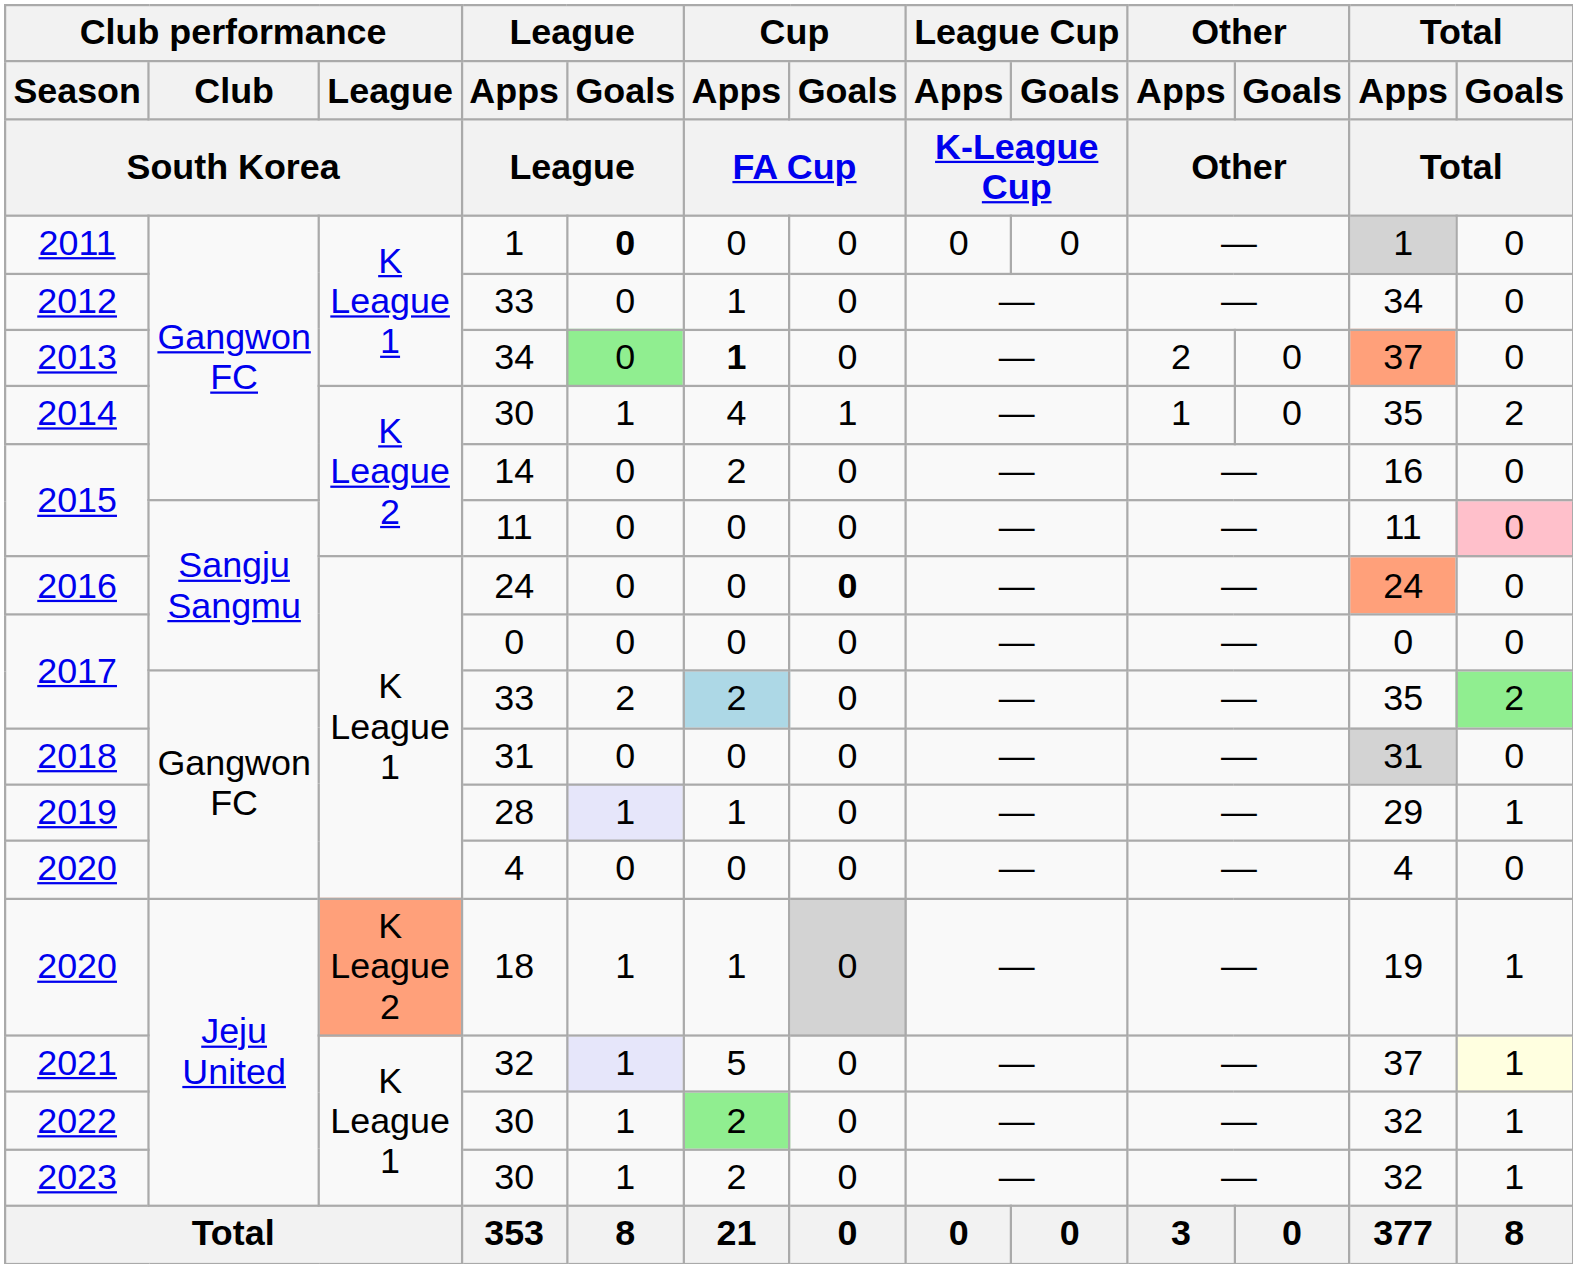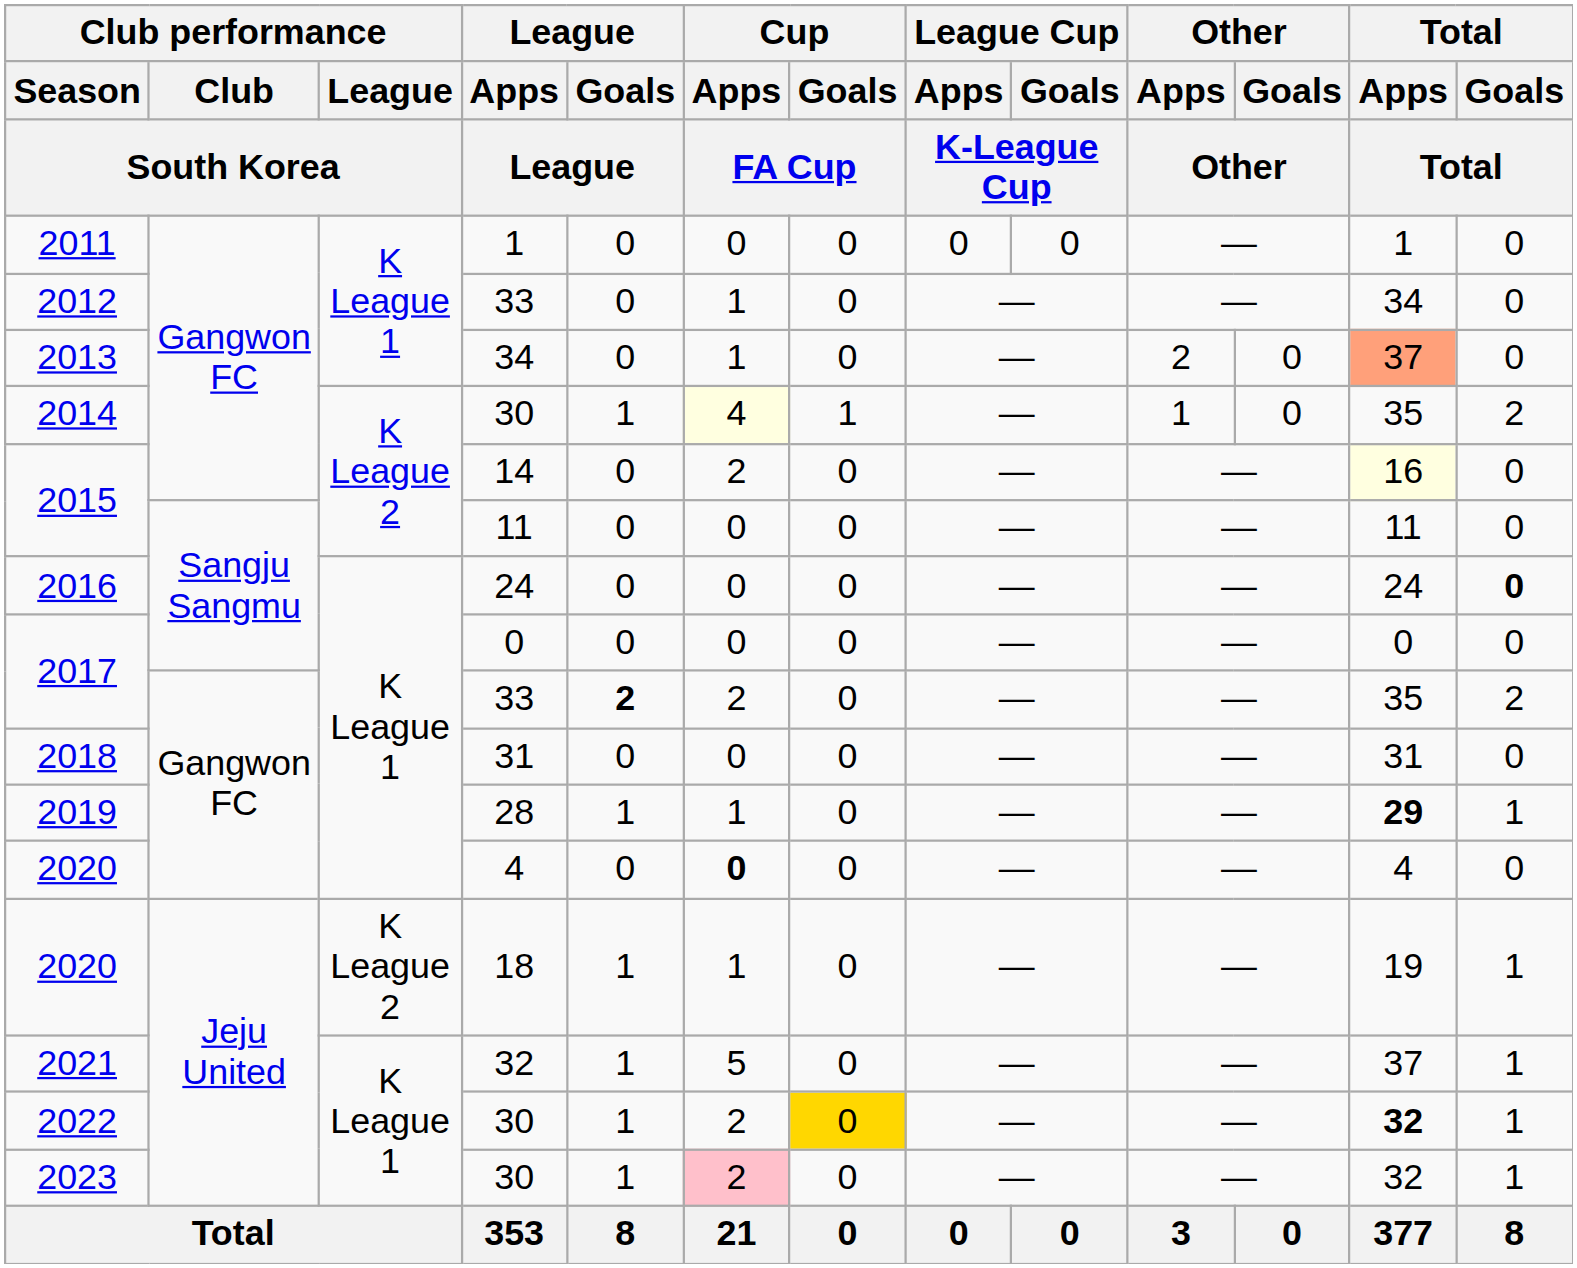 <table class="wikitable" style="text-align:center;">
 <tr>
 <th colspan=3>Club performance</th>
 <th colspan=2>League</th>
 <th colspan=2>Cup</th>
 <th colspan=2>League Cup</th>
 <th colspan=2>Other</th>
 <th colspan=2>Total</th>
 </tr>
 <tr>
 <th>Season</th>
 <th>Club</th>
 <th>League</th>
 <th>Apps</th>
 <th>Goals</th>
 <th>Apps</th>
 <th>Goals</th>
 <th>Apps</th>
 <th>Goals</th>
 <th>Apps</th>
 <th>Goals</th>
 <th>Apps</th>
 <th>Goals</th>
 </tr>
 <tr>
 <th colspan=3>South Korea</th>
 <th colspan=2>League</th>
 <th colspan=2><a href='#'>FA Cup</a></th>
 <th colspan=2><a href='#'>K-League Cup</a></th>
 <th colspan=2>Other</th>
 <th colspan=2>Total</th>
 </tr>
 <tr>
 <td><a href='#'>2011</a></td>
 <td rowspan="5"><a href='#'>Gangwon FC</a></td>
 <td rowspan="3"><a href='#'>K League 1</a></td>
 <td>1</td>
-<td><strong>0</strong></td>
+<td>0</td>
 <td>0</td>
 <td>0</td>
 <td>0</td>
 <td>0</td>
 <td colspan=2>—</td>
-<td style="background: lightgrey;">1</td>
+<td>1</td>
 <td>0</td>
 </tr>
 <tr>
 <td><a href='#'>2012</a></td>
 <td>33</td>
 <td>0</td>
 <td>1</td>
 <td>0</td>
 <td colspan=2>—</td>
 <td colspan=2>—</td>
 <td>34</td>
 <td>0</td>
 </tr>
 <tr>
 <td><a href='#'>2013</a></td>
 <td>34</td>
-<td style="background: lightgreen;">0</td>
-<td><strong>1</strong></td>
+<td>0</td>
+<td>1</td>
 <td>0</td>
 <td colspan=2>—</td>
 <td>2</td>
 <td>0</td>
 <td style="background: lightsalmon;">37</td>
 <td>0</td>
 </tr>
 <tr>
 <td><a href='#'>2014</a></td>
 <td rowspan="3"><a href='#'>K League 2</a></td>
 <td>30</td>
 <td>1</td>
-<td>4</td>
+<td style="background: lightyellow;">4</td>
 <td>1</td>
 <td colspan=2>—</td>
 <td>1</td>
 <td>0</td>
 <td>35</td>
 <td>2</td>
 </tr>
 <tr>
 <td rowspan="2"><a href='#'>2015</a></td>
 <td>14</td>
 <td>0</td>
 <td>2</td>
 <td>0</td>
 <td colspan=2>—</td>
 <td colspan=2>—</td>
-<td>16</td>
+<td style="background: lightyellow;">16</td>
 <td>0</td>
 </tr>
 <tr>
 <td rowspan="3"><a href='#'>Sangju Sangmu</a></td>
 <td>11</td>
 <td>0</td>
 <td>0</td>
 <td>0</td>
 <td colspan=2>—</td>
 <td colspan=2>—</td>
 <td>11</td>
-<td style="background: pink;">0</td>
+<td>0</td>
 </tr>
 <tr>
 <td><a href='#'>2016</a></td>
 <td rowspan="6">K League 1</td>
 <td>24</td>
 <td>0</td>
 <td>0</td>
-<td><strong>0</strong></td>
+<td>0</td>
 <td colspan=2>—</td>
 <td colspan=2>—</td>
-<td style="background: lightsalmon;">24</td>
-<td>0</td>
+<td>24</td>
+<td><strong>0</strong></td>
 </tr>
 <tr>
 <td rowspan="2"><a href='#'>2017</a></td>
 <td>0</td>
 <td>0</td>
 <td>0</td>
 <td>0</td>
 <td colspan=2>—</td>
 <td colspan=2>—</td>
 <td>0</td>
 <td>0</td>
 </tr>
 <tr>
 <td rowspan="4">Gangwon FC</td>
 <td>33</td>
+<td><strong>2</strong></td>
 <td>2</td>
-<td style="background: lightblue;">2</td>
 <td>0</td>
 <td colspan=2>—</td>
 <td colspan=2>—</td>
 <td>35</td>
-<td style="background: lightgreen;">2</td>
+<td>2</td>
 </tr>
 <tr>
 <td><a href='#'>2018</a></td>
 <td>31</td>
 <td>0</td>
 <td>0</td>
 <td>0</td>
 <td colspan=2>—</td>
 <td colspan=2>—</td>
-<td style="background: lightgrey;">31</td>
+<td>31</td>
 <td>0</td>
 </tr>
 <tr>
 <td><a href='#'>2019</a></td>
 <td>28</td>
-<td style="background: lavender;">1</td>
+<td>1</td>
 <td>1</td>
 <td>0</td>
 <td colspan=2>—</td>
 <td colspan=2>—</td>
-<td>29</td>
+<td><strong>29</strong></td>
 <td>1</td>
 </tr>
 <tr>
 <td><a href='#'>2020</a></td>
 <td>4</td>
 <td>0</td>
-<td>0</td>
+<td><strong>0</strong></td>
 <td>0</td>
 <td colspan=2>—</td>
 <td colspan=2>—</td>
 <td>4</td>
 <td>0</td>
 </tr>
 <tr>
 <td><a href='#'>2020</a></td>
 <td rowspan="4"><a href='#'>Jeju United</a></td>
-<td style="background: lightsalmon;">K League 2</td>
+<td>K League 2</td>
 <td>18</td>
 <td>1</td>
 <td>1</td>
-<td style="background: lightgrey;">0</td>
+<td>0</td>
 <td colspan=2>—</td>
 <td colspan=2>—</td>
 <td>19</td>
 <td>1</td>
 </tr>
 <tr>
 <td><a href='#'>2021</a></td>
 <td rowspan="3">K League 1</td>
 <td>32</td>
-<td style="background: lavender;">1</td>
+<td>1</td>
 <td>5</td>
 <td>0</td>
 <td colspan=2>—</td>
 <td colspan=2>—</td>
 <td>37</td>
-<td style="background: lightyellow;">1</td>
+<td>1</td>
 </tr>
 <tr>
 <td><a href='#'>2022</a></td>
 <td>30</td>
 <td>1</td>
-<td style="background: lightgreen;">2</td>
-<td>0</td>
+<td>2</td>
+<td style="background: gold;">0</td>
 <td colspan=2>—</td>
 <td colspan=2>—</td>
-<td>32</td>
+<td><strong>32</strong></td>
 <td>1</td>
 </tr>
 <tr>
 <td><a href='#'>2023</a></td>
 <td>30</td>
 <td>1</td>
-<td>2</td>
+<td style="background: pink;">2</td>
 <td>0</td>
 <td colspan=2>—</td>
 <td colspan=2>—</td>
 <td>32</td>
 <td>1</td>
 </tr>
 <tr>
 <th colspan=3>Total</th>
 <th>353</th>
 <th>8</th>
 <th>21</th>
 <th>0</th>
 <th>0</th>
 <th>0</th>
 <th>3</th>
 <th>0</th>
 <th>377</th>
 <th>8</th>
 </tr>
 </table>
